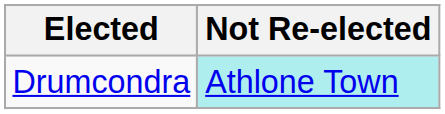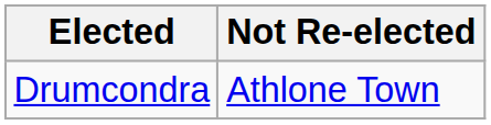 <table class="wikitable">
 <tr>
 <th>Elected</th>
 <th>Not Re-elected</th>
 </tr>
 <tr>
 <td><a href='#'>Drumcondra</a></td>
-<td style="background: paleturquoise;"><a href='#'>Athlone Town</a></td>
+<td><a href='#'>Athlone Town</a></td>
 </tr>
 </table>
